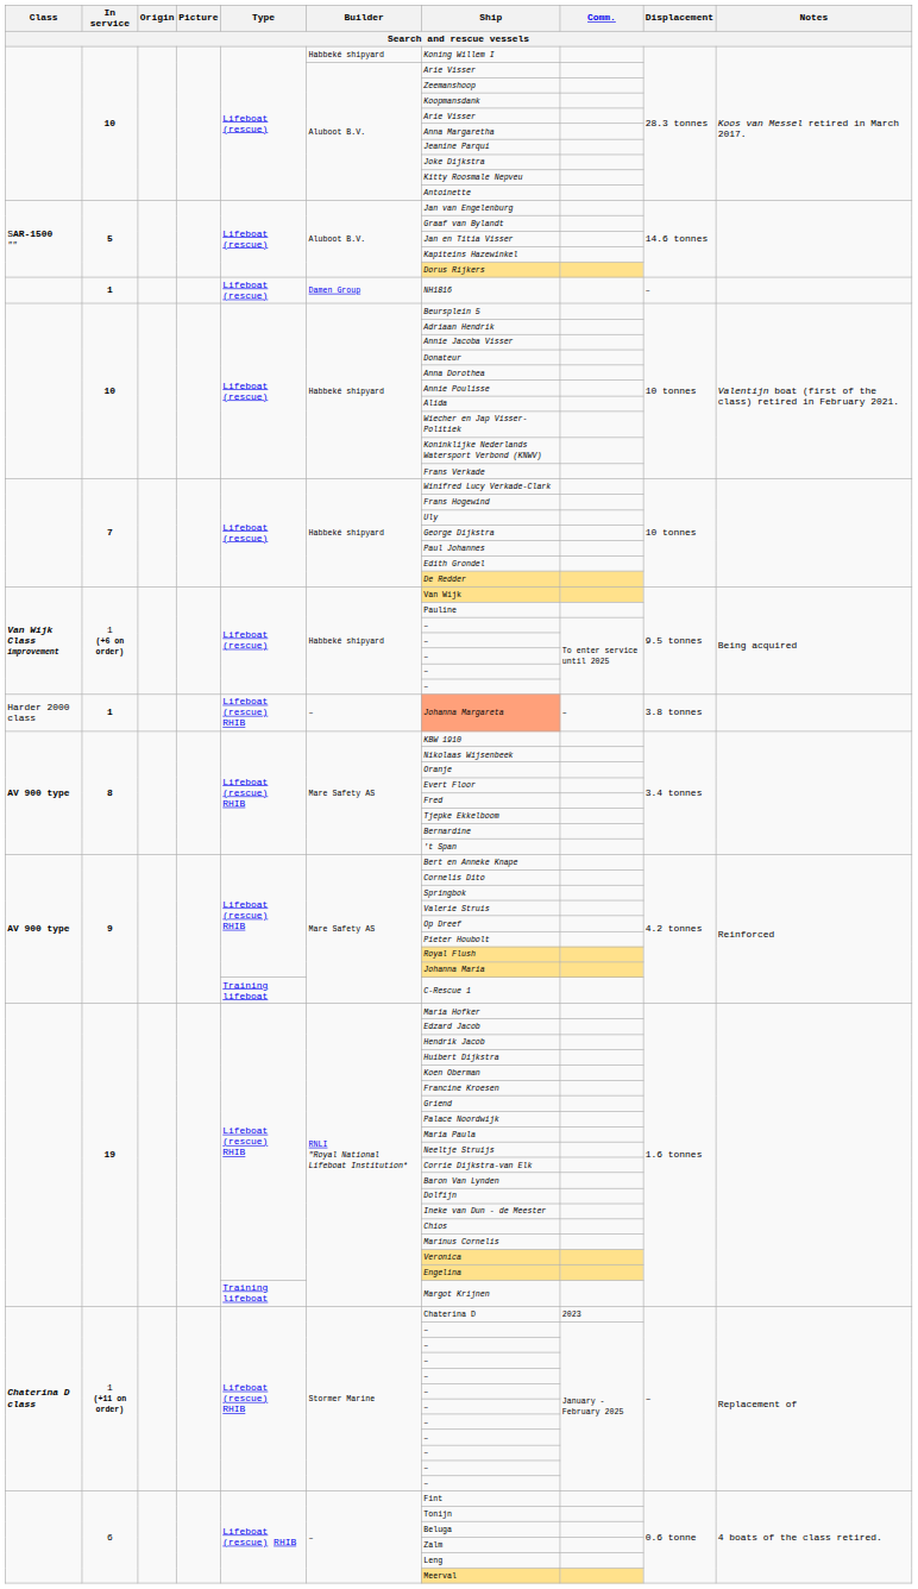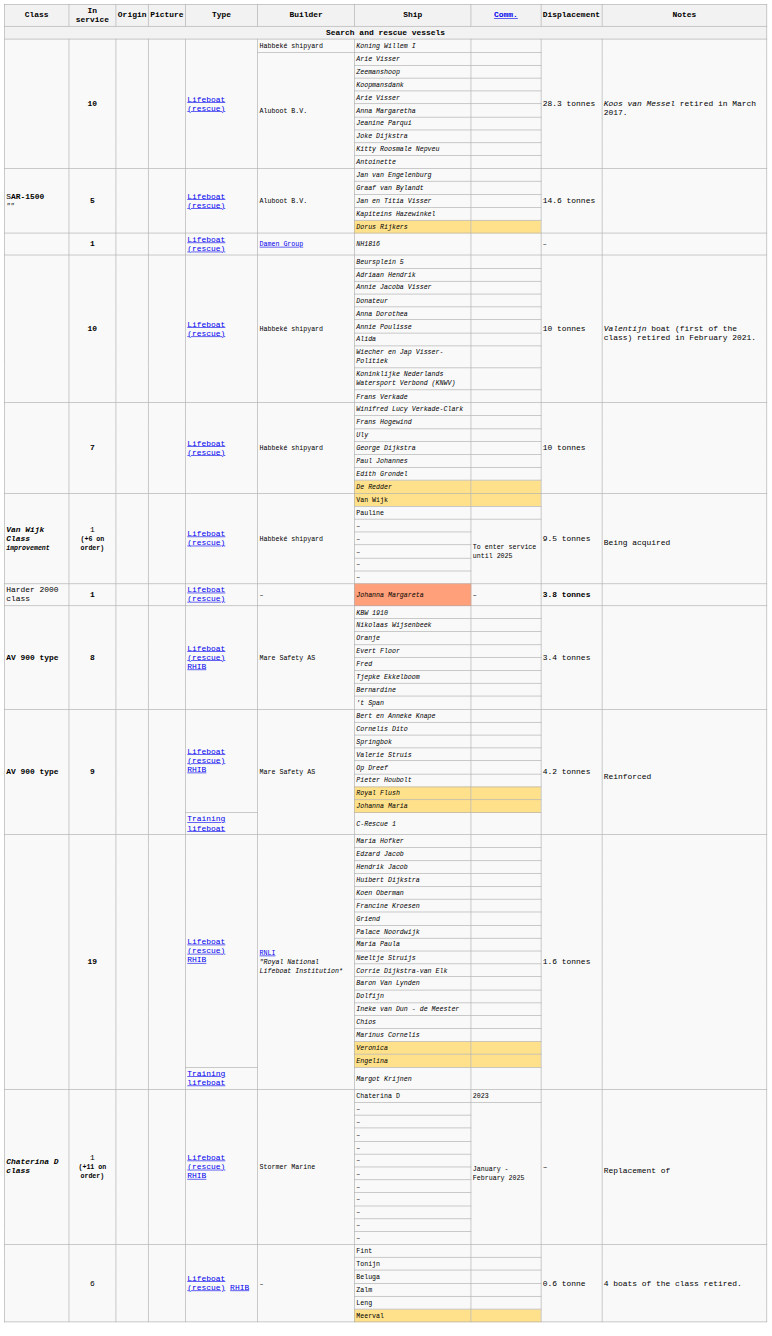 <table class="wikitable">
 <tr>
 <th>Class</th>
 <th>In service</th>
 <th>Origin</th>
 <th>Picture</th>
 <th>Type</th>
 <th>Builder</th>
 <th>Ship</th>
 <th><a href='#'>Comm.</a></th>
 <th>Displacement</th>
 <th>Notes</th>
 </tr>
 <tr>
 <th colspan="10">Search and rescue vessels</th>
 </tr>
 <tr>
 <td rowspan="10"><strong></strong></td>
 <td rowspan="10" style="text-align: center;"><strong>10</strong></td>
 <td rowspan="10"></td>
 <td rowspan="10"><br></td>
 <td rowspan="10"><a href='#'>Lifeboat (rescue)</a></td>
 <td><small>Habbeké shipyard</small></td>
 <td><em><small>Koning Willem I</small> </em></td>
 <td><small></small></td>
 <td rowspan="10">28.3 tonnes</td>
 <td rowspan="10"><br><em>Koos van Messel</em> retired in March 2017.</td>
 </tr>
 <tr>
 <td rowspan="9"><small>Aluboot B.V.</small></td>
 <td><em><small>Arie Visser</small> </em></td>
 <td><small></small></td>
 </tr>
 <tr>
 <td><em><small>Zeemanshoop</small> </em></td>
 <td><small></small></td>
 </tr>
 <tr>
 <td><em><small>Koopmansdank</small> </em></td>
 <td><small></small></td>
 </tr>
 <tr>
 <td><em><small>Arie Visser</small> </em></td>
 <td><small></small></td>
 </tr>
 <tr>
 <td><em><small>Anna Margaretha</small> </em></td>
 <td><small></small></td>
 </tr>
 <tr>
 <td><em><small>Jeanine Parqui</small> </em></td>
 <td><small></small></td>
 </tr>
 <tr>
 <td><em><small>Joke Dijkstra</small> </em></td>
 <td><small></small></td>
 </tr>
 <tr>
 <td><em><small>Kitty Roosmale Nepveu</small> </em></td>
 <td><small></small></td>
 </tr>
 <tr>
 <td><em><small>Antoinette</small> </em></td>
 <td><small></small></td>
 </tr>
 <tr>
 <td rowspan="5">S<strong>AR-1500</strong><br><small><em>""</em></small></td>
 <td rowspan="5" style="text-align: center;"><strong>5</strong></td>
 <td rowspan="5"></td>
 <td rowspan="5"><br></td>
 <td rowspan="5"><a href='#'>Lifeboat (rescue)</a></td>
 <td rowspan="5"><small>Aluboot B.V.</small></td>
 <td><small><em>Jan van Engelenburg </em></small></td>
 <td><small></small></td>
 <td rowspan="5">14.6 tonnes</td>
 <td rowspan="5"></td>
 </tr>
 <tr>
 <td><small><em>Graaf van Bylandt </em></small></td>
 <td><small></small></td>
 </tr>
 <tr>
 <td><small><em>Jan en Titia Visser </em></small></td>
 <td><small></small></td>
 </tr>
 <tr>
 <td><small><em>Kapiteins Hazewinkel </em></small></td>
 <td><small></small></td>
 </tr>
 <tr>
 <td style="background: #FFE18B;"><small><em>Dorus Rijkers </em></small></td>
 <td style="background: #FFE18B;"><small></small></td>
 </tr>
 <tr>
 <td><strong></strong></td>
 <td style="text-align: center;"><strong>1</strong></td>
 <td></td>
 <td></td>
 <td><a href='#'>Lifeboat (rescue)</a></td>
 <td><a href='#'><small>Damen Group</small></a></td>
 <td><em><small>NH1816</small></em></td>
 <td><small></small></td>
 <td><small>–</small></td>
 <td></td>
 </tr>
 <tr>
 <td rowspan="10"><strong></strong></td>
 <td rowspan="10" style="text-align: center;"><strong>10</strong></td>
 <td rowspan="10"></td>
 <td rowspan="10"><br></td>
 <td rowspan="10"><a href='#'>Lifeboat (rescue)</a></td>
 <td rowspan="10"><small>Habbeké shipyard</small></td>
 <td><em><small>Beursplein 5</small> </em></td>
 <td><small></small></td>
 <td rowspan="10">10 tonnes</td>
 <td rowspan="10"><br><em>Valentijn</em> boat (first of the class) retired in February 2021.</td>
 </tr>
 <tr>
 <td><em><small>Adriaan Hendrik</small> </em></td>
 <td><small></small></td>
 </tr>
 <tr>
 <td><em><small>Annie Jacoba Visser</small> </em></td>
 <td><small></small></td>
 </tr>
 <tr>
 <td><em><small>Donateur</small> </em></td>
 <td><small></small></td>
 </tr>
 <tr>
 <td><em><small>Anna Dorothea</small> </em></td>
 <td><small></small></td>
 </tr>
 <tr>
 <td><em><small>Annie Poulisse</small> </em></td>
 <td><small></small></td>
 </tr>
 <tr>
 <td><em><small>Alida</small> </em></td>
 <td><small></small></td>
 </tr>
 <tr>
 <td><em><small>Wiecher en Jap Visser-Politiek</small> </em></td>
 <td><small></small></td>
 </tr>
 <tr>
 <td><em><small>Koninklijke Nederlands Watersport Verbond (KNWV)</small> </em></td>
 <td><small></small></td>
 </tr>
 <tr>
 <td><em><small>Frans Verkade</small> </em></td>
 <td><small></small></td>
 </tr>
 <tr>
 <td rowspan="7"><strong></strong></td>
 <td rowspan="7" style="text-align: center;"><strong>7</strong></td>
 <td rowspan="7"></td>
 <td rowspan="7"><br></td>
 <td rowspan="7"><a href='#'>Lifeboat (rescue)</a></td>
 <td rowspan="7"><small>Habbeké shipyard</small></td>
 <td><em><small>Winifred Lucy Verkade-Clark</small> </em></td>
 <td><small></small></td>
 <td rowspan="7">10 tonnes</td>
 <td rowspan="7"></td>
 </tr>
 <tr>
 <td><em><small>Frans Hogewind</small> </em></td>
 <td><small></small></td>
 </tr>
 <tr>
 <td><em><small>Uly</small> </em></td>
 <td><small></small></td>
 </tr>
 <tr>
 <td><em><small>George Dijkstra</small> </em></td>
 <td><small></small></td>
 </tr>
 <tr>
 <td><em><small>Paul Johannes</small> </em></td>
 <td><small></small></td>
 </tr>
 <tr>
 <td><em><small>Edith Grondel</small> </em></td>
 <td><small></small></td>
 </tr>
 <tr>
 <td style="background: #FFE18B;"><em><small>De Redder</small> </em></td>
 <td style="background: #FFE18B;"><small></small></td>
 </tr>
 <tr>
 <td rowspan="7"><strong><em>Van Wijk<em> Class<strong><br><small> improvement</small></td>
 <td rowspan="7" style="text-align: center;"></strong>1<strong><br><small>(+6 on order)</small></td>
 <td rowspan="7"></td>
 <td rowspan="7"></td>
 <td rowspan="7"><a href='#'>Lifeboat (rescue)</a></td>
 <td rowspan="7"><small>Habbeké shipyard</small></td>
 <td style="background: #FFE18B;"><small></em>Van Wijk <em></small></td>
 <td style="background: #FFE18B;"><small></small></td>
 <td rowspan="7">9.5 tonnes</td>
 <td rowspan="7"><br>Being acquired<br></td>
 </tr>
 <tr>
 <td><small></em>Pauline <em></small></td>
 <td><small></small></td>
 </tr>
 <tr>
 <td><small></em>–<em></small></td>
 <td rowspan="5"><small>To enter service until 2025</small></td>
 </tr>
 <tr>
 <td><small></em>–<em></small></td>
 </tr>
 <tr>
 <td><small></em>–<em></small></td>
 </tr>
 <tr>
 <td><small></em>–<em></small></td>
 </tr>
 <tr>
 <td><small></em>–<em></small></td>
 </tr>
 <tr>
 <td></em></strong>Harder 2000</em> class</strong></td>
 <td style="text-align: center;"><strong>1</strong></td>
 <td></td>
 <td></td>
-<td><a href='#'>Lifeboat (rescue)</a><br><a href='#'>RHIB</a></td>
+<td><a href='#'>Lifeboat (rescue)</a></td>
 <td><small>–</small></td>
 <td style="background: lightsalmon;"><em><small>Johanna Margareta</small> </em></td>
 <td><small><em>–</em></small></td>
-<td>3.8 tonnes</td>
+<td><strong>3.8 tonnes</strong></td>
 <td></td>
 </tr>
 <tr>
 <td rowspan="8"><strong>AV 900 type</strong><br><small></small></td>
 <td rowspan="8" style="text-align: center;"><strong>8</strong></td>
 <td rowspan="8"></td>
 <td rowspan="8"></td>
 <td rowspan="8"><a href='#'>Lifeboat (rescue)</a><br><a href='#'>RHIB</a></td>
 <td rowspan="8"><small>Mare Safety AS</small></td>
 <td><small><em>KBW 1910 </em></small></td>
 <td><small></small></td>
 <td rowspan="8">3.4 tonnes</td>
 <td rowspan="8"></td>
 </tr>
 <tr>
 <td><small><em>Nikolaas Wijsenbeek </em></small></td>
 <td><small></small></td>
 </tr>
 <tr>
 <td><small><em>Oranje </em></small></td>
 <td><small></small></td>
 </tr>
 <tr>
 <td><small><em>Evert Floor </em></small></td>
 <td><small></small></td>
 </tr>
 <tr>
 <td><small><em>Fred </em></small></td>
 <td><small></small></td>
 </tr>
 <tr>
 <td><small><em>Tjepke Ekkelboom </em></small></td>
 <td><small></small></td>
 </tr>
 <tr>
 <td><small><em>Bernardine </em></small></td>
 <td><small></small></td>
 </tr>
 <tr>
 <td><small><em>'t Span </em></small></td>
 <td><small></small></td>
 </tr>
 <tr>
 <td rowspan="9"><strong>AV 900 type</strong><br><small></small></td>
 <td rowspan="9" style="text-align: center;"><strong>9</strong></td>
 <td rowspan="9"></td>
 <td rowspan="9"></td>
 <td rowspan="8"><a href='#'>Lifeboat (rescue)</a><br><a href='#'>RHIB</a></td>
 <td rowspan="9"><small>Mare Safety AS</small></td>
 <td><small><em>Bert en Anneke Knape </em></small></td>
 <td><small></small></td>
 <td rowspan="9">4.2 tonnes</td>
 <td rowspan="9"><br>Reinforced </td>
 </tr>
 <tr>
 <td><small><em>Cornelis Dito </em></small></td>
 <td><small></small></td>
 </tr>
 <tr>
 <td><small><em>Springbok </em></small></td>
 <td><small></small></td>
 </tr>
 <tr>
 <td><small><em>Valerie Struis </em></small></td>
 <td><small></small></td>
 </tr>
 <tr>
 <td><small><em>Op Dreef </em></small></td>
 <td><small></small></td>
 </tr>
 <tr>
 <td><small><em>Pieter Houbolt </em></small></td>
 <td><small></small></td>
 </tr>
 <tr>
 <td style="background: #FFE18B;"><em><small>Royal Flush </small></em></td>
 <td style="background: #FFE18B;"><small></small></td>
 </tr>
 <tr>
 <td style="background: #FFE18B;"><small><em>Johanna Maria </em></small></td>
 <td style="background: #FFE18B;"><small></small></td>
 </tr>
 <tr>
 <td><a href='#'>Training lifeboat</a></td>
 <td><em><small>C-Rescue 1</small></em></td>
 <td><small></small></td>
 </tr>
 <tr>
 <td rowspan="19"><strong></strong></td>
 <td rowspan="19" style="text-align: center;"><strong>19</strong></td>
 <td rowspan="19"></td>
 <td rowspan="19"><br> </td>
 <td rowspan="18"><a href='#'>Lifeboat (rescue)</a><br><a href='#'>RHIB</a></td>
 <td rowspan="19"><a href='#'><small>RNLI</small></a><br><em><small>"Royal National Lifeboat Institution*</small></em></td>
 <td><small><em>Maria Hofker </em></small></td>
 <td><small></small></td>
 <td rowspan="19">1.6 tonnes</td>
 <td rowspan="19"></td>
 </tr>
 <tr>
 <td><small><em>Edzard Jacob </em></small></td>
 <td><small></small></td>
 </tr>
 <tr>
 <td><small><em>Hendrik Jacob </em></small></td>
 <td><small></small></td>
 </tr>
 <tr>
 <td><small><em>Huibert Dijkstra </em></small></td>
 <td><small></small></td>
 </tr>
 <tr>
 <td><small><em>Koen Oberman </em></small></td>
 <td><small></small></td>
 </tr>
 <tr>
 <td><small><em>Francine Kroesen </em></small></td>
 <td><small></small></td>
 </tr>
 <tr>
 <td><small><em>Griend </em></small></td>
 <td><small></small></td>
 </tr>
 <tr>
 <td><small><em>Palace Noordwijk </em></small></td>
 <td><small></small></td>
 </tr>
 <tr>
 <td><small><em>Maria Paula </em></small></td>
 <td><small></small></td>
 </tr>
 <tr>
 <td><small><em>Neeltje Struijs </em></small></td>
 <td><small></small></td>
 </tr>
 <tr>
 <td><small><em>Corrie Dijkstra-van Elk </em></small></td>
 <td><small></small></td>
 </tr>
 <tr>
 <td><small><em>Baron Van Lynden</em></small></td>
 <td><small></small></td>
 </tr>
 <tr>
 <td><small><em>Dolfijn </em></small></td>
 <td><small></small></td>
 </tr>
 <tr>
 <td><small><em>Ineke van Dun - de Meester </em></small></td>
 <td><small></small></td>
 </tr>
 <tr>
 <td><small><em>Chios </em></small></td>
 <td><small></small></td>
 </tr>
 <tr>
 <td><small><em>Marinus Cornelis </em></small></td>
 <td><small></small></td>
 </tr>
 <tr>
 <td style="background: #FFE18B;"><small><em>Veronica </em></small></td>
 <td style="background: #FFE18B;"><small></small></td>
 </tr>
 <tr>
 <td style="background: #FFE18B;"><small><em>Engelina</em></small></td>
 <td style="background: #FFE18B;"><small></small></td>
 </tr>
 <tr>
 <td><a href='#'>Training lifeboat</a></td>
 <td><small><em>Margot Krijnen </em></small></td>
 <td><small></small></td>
 </tr>
 <tr>
 <td rowspan="12"><strong><em>Chaterina D<em> class<strong></td>
 <td rowspan="12" style="text-align: center;"></strong>1<strong><br><small>(+11 on order)</small></td>
 <td rowspan="12"></td>
 <td rowspan="12"></td>
 <td rowspan="12"><a href='#'>Lifeboat (rescue)</a><br><a href='#'>RHIB</a></td>
 <td rowspan="12"><small>Stormer Marine</small></td>
 <td><small></em>Chaterina D <em></small></td>
 <td><small>2023</small></td>
 <td rowspan="12">–</td>
 <td rowspan="12"><br>Replacement of </td>
 </tr>
 <tr>
 <td><small></em>–<em></small></td>
 <td rowspan="11"><small>January - February 2025</small></td>
 </tr>
 <tr>
 <td><small></em>–<em></small></td>
 </tr>
 <tr>
 <td><small></em>–<em></small></td>
 </tr>
 <tr>
 <td><small></em>–<em></small></td>
 </tr>
 <tr>
 <td><small></em>–<em></small></td>
 </tr>
 <tr>
 <td><small></em>–<em></small></td>
 </tr>
 <tr>
 <td><small></em>–<em></small></td>
 </tr>
 <tr>
 <td><small></em>–<em></small></td>
 </tr>
 <tr>
 <td><small></em>–<em></small></td>
 </tr>
 <tr>
 <td><small></em>–<em></small></td>
 </tr>
 <tr>
 <td><small></em>–<em></small></td>
 </tr>
 <tr>
 <td rowspan="6"></strong><strong></td>
 <td rowspan="6" style="text-align: center;"></strong>6<strong></td>
 <td rowspan="6"></td>
 <td rowspan="6"></td>
 <td rowspan="6"><a href='#'>Lifeboat (rescue)</a> <a href='#'>RHIB</a></td>
 <td rowspan="6"><small></em>–<em></small></td>
 <td><small></em>Fint <em></small></td>
 <td><small></small></td>
 <td rowspan="6">0.6 tonne</td>
 <td rowspan="6">4 boats of the class retired.<br></td>
 </tr>
 <tr>
 <td><small></em>Tonijn <em></small></td>
 <td><small></small></td>
 </tr>
 <tr>
 <td><small></em>Beluga <em></small></td>
 <td><small></small></td>
 </tr>
 <tr>
 <td><small></em>Zalm <em></small></td>
 <td><small></small></td>
 </tr>
 <tr>
 <td><small></em>Leng <em></small></td>
 <td><small></small></td>
 </tr>
 <tr>
 <td style="background: #FFE18B;"><small></em>Meerval <em></small></td>
 <td style="background: #FFE18B;"><small></small></td>
 </tr>
 </table>
